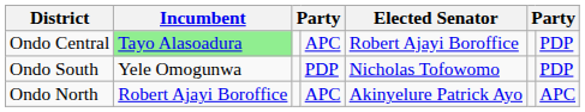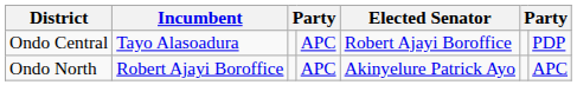 <table class="sortable wikitable" style="font-size:95%;line-height:14px;">
 <tr>
 <th class="unsortable">District</th>
 <th class="unsortable"><a href='#'>Incumbent</a></th>
 <th colspan="2">Party</th>
 <th class="unsortable">Elected Senator</th>
 <th colspan="2">Party</th>
 </tr>
 <tr>
 <td>Ondo Central</td>
-<td style="background: lightgreen;"><a href='#'>Tayo Alasoadura</a></td>
+<td><a href='#'>Tayo Alasoadura</a></td>
 <td style="background:"></td>
 <td><a href='#'>APC</a></td>
 <td><a href='#'>Robert Ajayi Boroffice</a></td>
-<td style="background:"></td>
-<td><a href='#'>PDP</a></td>
-</tr>
-<tr>
-<td>Ondo South</td>
-<td>Yele Omogunwa</td>
-<td style="background:"></td>
-<td><a href='#'>PDP</a></td>
-<td><a href='#'>Nicholas Tofowomo</a></td>
 <td style="background:"></td>
 <td><a href='#'>PDP</a></td>
 </tr>
 <tr>
 <td>Ondo North</td>
 <td><a href='#'>Robert Ajayi Boroffice</a></td>
 <td style="background:"></td>
 <td><a href='#'>APC</a></td>
 <td><a href='#'>Akinyelure Patrick Ayo</a></td>
 <td style="background:"></td>
 <td><a href='#'>APC</a></td>
 </tr>
 </table>
